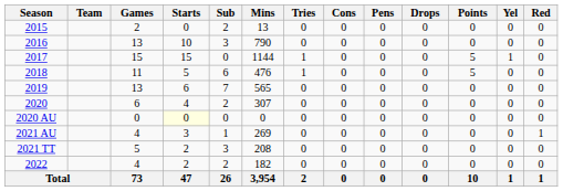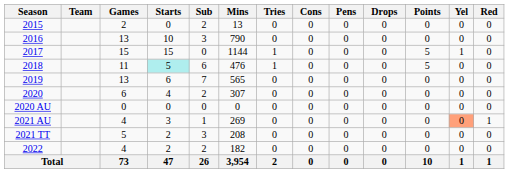 <table class="wikitable" style="text-align:center; line-height:90%; font-size:95%; width:60%;">
 <tr>
 <th>Season</th>
 <th>Team</th>
 <th>Games</th>
 <th>Starts</th>
 <th>Sub</th>
 <th>Mins</th>
 <th>Tries</th>
 <th>Cons</th>
 <th>Pens</th>
 <th>Drops</th>
 <th>Points</th>
 <th>Yel</th>
 <th>Red</th>
 </tr>
 <tr>
 <td><a href='#'>2015</a></td>
 <td></td>
 <td>2</td>
 <td>0</td>
 <td>2</td>
 <td>13</td>
 <td>0</td>
 <td>0</td>
 <td>0</td>
 <td>0</td>
 <td>0</td>
 <td>0</td>
 <td>0</td>
 </tr>
 <tr>
 <td><a href='#'>2016</a></td>
 <td></td>
 <td>13</td>
 <td>10</td>
 <td>3</td>
 <td>790</td>
 <td>0</td>
 <td>0</td>
 <td>0</td>
 <td>0</td>
 <td>0</td>
 <td>0</td>
 <td>0</td>
 </tr>
 <tr>
 <td><a href='#'>2017</a></td>
 <td></td>
 <td>15</td>
 <td>15</td>
 <td>0</td>
 <td>1144</td>
 <td>1</td>
 <td>0</td>
 <td>0</td>
 <td>0</td>
 <td>5</td>
 <td>1</td>
 <td>0</td>
 </tr>
 <tr>
 <td><a href='#'>2018</a></td>
 <td></td>
 <td>11</td>
-<td>5</td>
+<td style="background: paleturquoise;">5</td>
 <td>6</td>
 <td>476</td>
 <td>1</td>
 <td>0</td>
 <td>0</td>
 <td>0</td>
 <td>5</td>
 <td>0</td>
 <td>0</td>
 </tr>
 <tr>
 <td><a href='#'>2019</a></td>
 <td></td>
 <td>13</td>
 <td>6</td>
 <td>7</td>
 <td>565</td>
 <td>0</td>
 <td>0</td>
 <td>0</td>
 <td>0</td>
 <td>0</td>
 <td>0</td>
 <td>0</td>
 </tr>
 <tr>
 <td><a href='#'>2020</a></td>
 <td></td>
 <td>6</td>
 <td>4</td>
 <td>2</td>
 <td>307</td>
 <td>0</td>
 <td>0</td>
 <td>0</td>
 <td>0</td>
 <td>0</td>
 <td>0</td>
 <td>0</td>
 </tr>
 <tr>
 <td><a href='#'>2020 AU</a></td>
 <td></td>
 <td>0</td>
-<td style="background: lightyellow;">0</td>
+<td>0</td>
 <td>0</td>
 <td>0</td>
 <td>0</td>
 <td>0</td>
 <td>0</td>
 <td>0</td>
 <td>0</td>
 <td>0</td>
 <td>0</td>
 </tr>
 <tr>
 <td><a href='#'>2021 AU</a></td>
 <td></td>
 <td>4</td>
 <td>3</td>
 <td>1</td>
 <td>269</td>
 <td>0</td>
 <td>0</td>
 <td>0</td>
 <td>0</td>
 <td>0</td>
-<td>0</td>
+<td style="background: lightsalmon;">0</td>
 <td>1</td>
 </tr>
 <tr>
 <td><a href='#'>2021 TT</a></td>
 <td></td>
 <td>5</td>
 <td>2</td>
 <td>3</td>
 <td>208</td>
 <td>0</td>
 <td>0</td>
 <td>0</td>
 <td>0</td>
 <td>0</td>
 <td>0</td>
 <td>0</td>
 </tr>
 <tr>
 <td><a href='#'>2022</a></td>
 <td></td>
 <td>4</td>
 <td>2</td>
 <td>2</td>
 <td>182</td>
 <td>0</td>
 <td>0</td>
 <td>0</td>
 <td>0</td>
 <td>0</td>
 <td>0</td>
 <td>0</td>
 </tr>
 <tr>
 <th colspan="2">Total</th>
 <th>73</th>
 <th>47</th>
 <th>26</th>
 <th>3,954</th>
 <th>2</th>
 <th>0</th>
 <th>0</th>
 <th>0</th>
 <th>10</th>
 <th>1</th>
 <th>1</th>
 </tr>
 </table>
